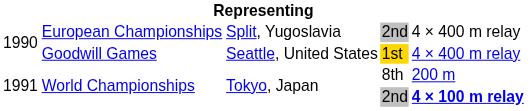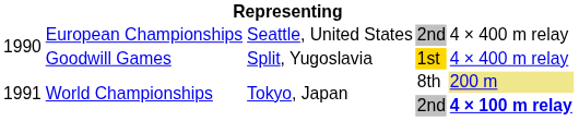 <table>
 <tr>
 <th colspan="5">Representing </th>
 </tr>
 <tr>
 <td rowspan=2>1990</td>
 <td><a href='#'>European Championships</a></td>
-<td><a href='#'>Split</a>, Yugoslavia</td>
+<td><a href='#'>Seattle</a>, United States</td>
 <td bgcolor="silver">2nd</td>
 <td>4 × 400 m relay</td>
 </tr>
 <tr>
 <td><a href='#'>Goodwill Games</a></td>
-<td><a href='#'>Seattle</a>, United States</td>
+<td><a href='#'>Split</a>, Yugoslavia</td>
 <td bgcolor="gold">1st</td>
 <td><a href='#'>4 × 400 m relay</a></td>
 </tr>
 <tr>
 <td rowspan=2>1991</td>
 <td rowspan=2><a href='#'>World Championships</a></td>
 <td rowspan=2><a href='#'>Tokyo</a>, Japan</td>
 <td>8th</td>
-<td><a href='#'>200 m</a></td>
+<td style="background: khaki;"><a href='#'>200 m</a></td>
 </tr>
 <tr>
 <td bgcolor="silver">2nd</td>
 <td><strong><a href='#'>4 × 100 m relay</a></strong></td>
 </tr>
 </table>
